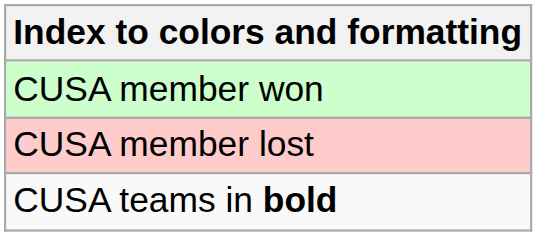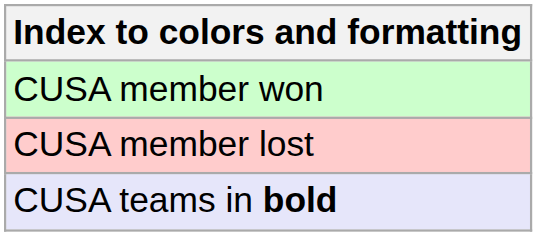 <table class="wikitable">
 <tr>
 <th>Index to colors and formatting</th>
 </tr>
 <tr style="background:#cfc;">
 <td>CUSA member won</td>
 </tr>
 <tr style="background:#fcc;">
 <td>CUSA member lost</td>
 </tr>
 <tr>
-<td>CUSA teams in <strong>bold</strong></td>
+<td style="background: lavender;">CUSA teams in <strong>bold</strong></td>
 </tr>
 </table>
